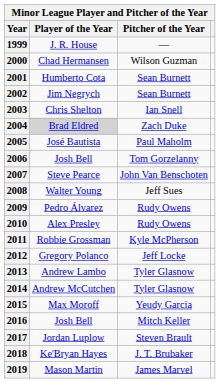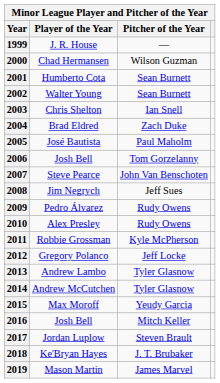 <table class="wikitable plainrowheaders" style="text-align:center">
 <tr>
 <th scope="col" colspan="4">Minor League Player and Pitcher of the Year</th>
 </tr>
 <tr>
 <th scope="col">Year</th>
 <th scope="col">Player of the Year</th>
 <th scope="col">Pitcher of the Year</th>
 <th scope="col"></th>
 </tr>
 <tr>
 <th scope="row" style="text-align:center">1999</th>
 <td><a href='#'>J. R. House</a></td>
 <td>—</td>
 <td></td>
 </tr>
 <tr>
 <th scope="row" style="text-align:center">2000</th>
 <td><a href='#'>Chad Hermansen</a></td>
 <td>Wilson Guzman</td>
 <td></td>
 </tr>
 <tr>
 <th scope="row" style="text-align:center">2001</th>
 <td><a href='#'>Humberto Cota</a></td>
 <td><a href='#'>Sean Burnett</a></td>
 <td></td>
 </tr>
 <tr>
 <th scope="row" style="text-align:center">2002</th>
-<td><a href='#'>Jim Negrych</a></td>
+<td><a href='#'>Walter Young</a></td>
 <td><a href='#'>Sean Burnett</a></td>
 <td></td>
 </tr>
 <tr>
 <th scope="row" style="text-align:center">2003</th>
 <td><a href='#'>Chris Shelton</a></td>
 <td><a href='#'>Ian Snell</a></td>
 <td></td>
 </tr>
 <tr>
 <th scope="row" style="text-align:center">2004</th>
-<td style="background: lightgrey;"><a href='#'>Brad Eldred</a></td>
+<td><a href='#'>Brad Eldred</a></td>
 <td><a href='#'>Zach Duke</a></td>
 <td></td>
 </tr>
 <tr>
 <th scope="row" style="text-align:center">2005</th>
 <td><a href='#'>José Bautista</a></td>
 <td><a href='#'>Paul Maholm</a></td>
 <td></td>
 </tr>
 <tr>
 <th scope="row" style="text-align:center">2006</th>
 <td><a href='#'>Josh Bell</a></td>
 <td><a href='#'>Tom Gorzelanny</a></td>
 <td></td>
 </tr>
 <tr>
 <th scope="row" style="text-align:center">2007</th>
 <td><a href='#'>Steve Pearce</a></td>
 <td><a href='#'>John Van Benschoten</a></td>
 <td></td>
 </tr>
 <tr>
 <th scope="row" style="text-align:center">2008</th>
-<td><a href='#'>Walter Young</a></td>
+<td><a href='#'>Jim Negrych</a></td>
 <td>Jeff Sues</td>
 <td></td>
 </tr>
 <tr>
 <th scope="row" style="text-align:center">2009</th>
 <td><a href='#'>Pedro Álvarez</a></td>
 <td><a href='#'>Rudy Owens</a></td>
 <td></td>
 </tr>
 <tr>
 <th scope="row" style="text-align:center">2010</th>
 <td><a href='#'>Alex Presley</a></td>
 <td><a href='#'>Rudy Owens</a></td>
 <td></td>
 </tr>
 <tr>
 <th scope="row" style="text-align:center">2011</th>
 <td><a href='#'>Robbie Grossman</a></td>
 <td><a href='#'>Kyle McPherson</a></td>
 <td></td>
 </tr>
 <tr>
 <th scope="row" style="text-align:center">2012</th>
 <td><a href='#'>Gregory Polanco</a></td>
 <td><a href='#'>Jeff Locke</a></td>
 <td></td>
 </tr>
 <tr>
 <th scope="row" style="text-align:center">2013</th>
 <td><a href='#'>Andrew Lambo</a></td>
 <td><a href='#'>Tyler Glasnow</a></td>
 <td></td>
 </tr>
 <tr>
 <th scope="row" style="text-align:center">2014</th>
 <td><a href='#'>Andrew McCutchen</a></td>
 <td><a href='#'>Tyler Glasnow</a></td>
 <td></td>
 </tr>
 <tr>
 <th scope="row" style="text-align:center">2015</th>
 <td><a href='#'>Max Moroff</a></td>
 <td><a href='#'>Yeudy Garcia</a></td>
 <td></td>
 </tr>
 <tr>
 <th scope="row" style="text-align:center">2016</th>
 <td><a href='#'>Josh Bell</a></td>
 <td><a href='#'>Mitch Keller</a></td>
 <td></td>
 </tr>
 <tr>
 <th scope="row" style="text-align:center">2017</th>
 <td><a href='#'>Jordan Luplow</a></td>
 <td><a href='#'>Steven Brault</a></td>
 <td></td>
 </tr>
 <tr>
 <th scope="row" style="text-align:center">2018</th>
 <td><a href='#'>Ke'Bryan Hayes</a></td>
 <td><a href='#'>J. T. Brubaker</a></td>
 <td></td>
 </tr>
 <tr>
 <th scope="row" style="text-align:center">2019</th>
 <td><a href='#'>Mason Martin</a></td>
 <td><a href='#'>James Marvel</a></td>
 <td></td>
 </tr>
 </table>
